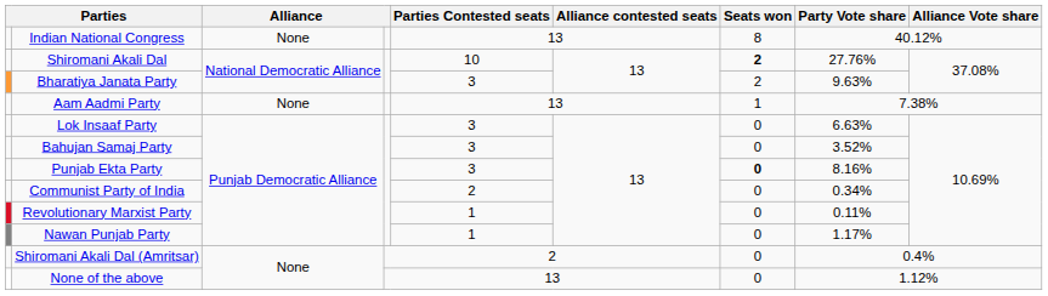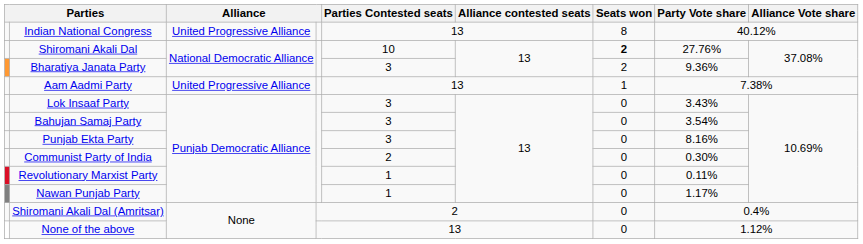 <table class="wikitable" style="text-align:center">
 <tr>
 <th colspan="2">Parties</th>
 <th colspan="2">Alliance</th>
 <th>Parties Contested seats</th>
 <th>Alliance contested seats</th>
 <th>Seats won</th>
 <th>Party Vote share</th>
 <th>Alliance Vote share</th>
 </tr>
 <tr>
 <td></td>
 <td><a href='#'>Indian National Congress</a></td>
-<td>None</td>
+<td><a href='#'>United Progressive Alliance</a></td>
 <td></td>
 <td colspan="2">13</td>
 <td>8</td>
 <td colspan="2">40.12%</td>
 </tr>
 <tr>
 <td></td>
 <td><a href='#'>Shiromani Akali Dal</a></td>
 <td rowspan="2"><a href='#'>National Democratic Alliance</a></td>
 <td rowspan="2"></td>
 <td>10</td>
 <td rowspan="2">13</td>
 <td><strong>2</strong></td>
 <td>27.76%</td>
 <td rowspan="2">37.08%</td>
 </tr>
 <tr>
 <td style="color:inherit;background:#FF9933"></td>
 <td><a href='#'>Bharatiya Janata Party</a></td>
 <td>3</td>
 <td>2</td>
-<td>9.63%</td>
+<td>9.36%</td>
 </tr>
 <tr>
 <td></td>
 <td><a href='#'>Aam Aadmi Party</a></td>
-<td>None</td>
+<td><a href='#'>United Progressive Alliance</a></td>
 <td></td>
 <td colspan="2">13</td>
 <td>1</td>
 <td colspan="2">7.38%</td>
 </tr>
 <tr>
 <td></td>
 <td><a href='#'>Lok Insaaf Party</a></td>
 <td rowspan="6"><a href='#'>Punjab Democratic Alliance</a></td>
 <td rowspan="6"></td>
 <td>3</td>
 <td rowspan="6">13</td>
 <td>0</td>
-<td>6.63%</td>
+<td>3.43%</td>
 <td rowspan="6">10.69%</td>
 </tr>
 <tr>
 <td></td>
 <td><a href='#'>Bahujan Samaj Party</a></td>
 <td>3</td>
 <td>0</td>
-<td>3.52%</td>
+<td>3.54%</td>
 </tr>
 <tr>
 <td></td>
 <td><a href='#'>Punjab Ekta Party</a></td>
 <td>3</td>
-<td><strong>0</strong></td>
+<td>0</td>
 <td>8.16%</td>
 </tr>
 <tr>
 <td></td>
 <td><a href='#'>Communist Party of India</a></td>
 <td>2</td>
 <td>0</td>
-<td>0.34%</td>
+<td>0.30%</td>
 </tr>
 <tr>
 <td style="color:inherit;background:#DB0F27"></td>
 <td><a href='#'>Revolutionary Marxist Party</a></td>
 <td>1</td>
 <td>0</td>
 <td>0.11%</td>
 </tr>
 <tr>
 <td bgcolor="gray"></td>
 <td><a href='#'>Nawan Punjab Party</a></td>
 <td>1</td>
 <td>0</td>
 <td>1.17%</td>
 </tr>
 <tr>
 <td></td>
 <td><a href='#'>Shiromani Akali Dal (Amritsar)</a></td>
 <td rowspan="2">None</td>
 <td colspan="3">2</td>
 <td>0</td>
 <td colspan="2">0.4%</td>
 </tr>
 <tr>
 <td style="color:inherit;background:#ffffff"></td>
 <td><a href='#'>None of the above</a></td>
 <td colspan="3">13</td>
 <td>0</td>
 <td colspan="2">1.12%</td>
 </tr>
 </table>
